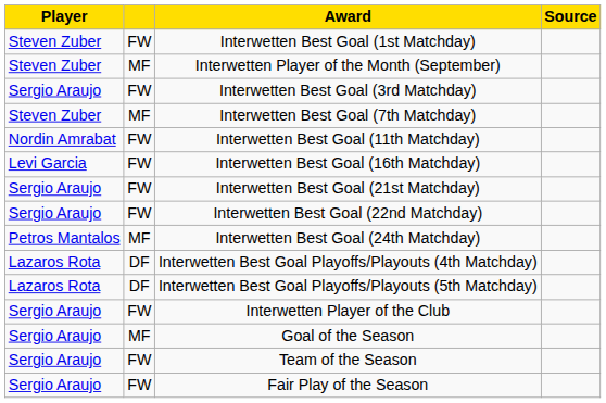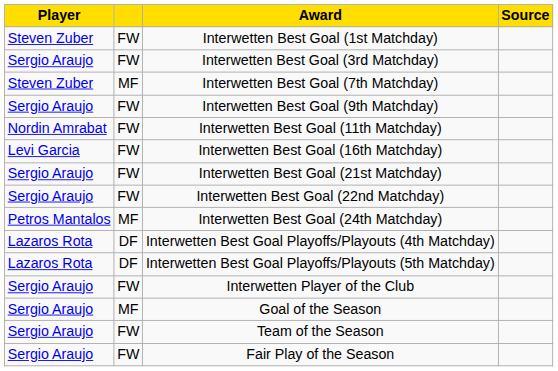 <table class="wikitable">
 <tr>
 <th style="background:#FFDE00">Player</th>
 <th style="background:#FFDE00"></th>
 <th style="background:#FFDE00">Award</th>
 <th style="background:#FFDE00">Source</th>
 </tr>
 <tr>
 <td> <a href='#'>Steven Zuber</a></td>
 <td align="center">FW</td>
 <td align="center">Interwetten Best Goal (1st Matchday)</td>
 <td align="center"></td>
 </tr>
 <tr>
-<td> <a href='#'>Steven Zuber</a></td>
-<td align="center">MF</td>
-<td align="center">Interwetten Player of the Month (September)</td>
-<td align="center"></td>
-</tr>
-<tr>
 <td> <a href='#'>Sergio Araujo</a></td>
 <td align="center">FW</td>
 <td align="center">Interwetten Best Goal (3rd Matchday)</td>
 <td align="center"></td>
 </tr>
 <tr>
 <td> <a href='#'>Steven Zuber</a></td>
 <td align="center">MF</td>
 <td align="center">Interwetten Best Goal (7th Matchday)</td>
+<td align="center"></td>
+</tr>
+<tr>
+<td> <a href='#'>Sergio Araujo</a></td>
+<td align="center">FW</td>
+<td align="center">Interwetten Best Goal (9th Matchday)</td>
 <td align="center"></td>
 </tr>
 <tr>
 <td> <a href='#'>Nordin Amrabat</a></td>
 <td align="center">FW</td>
 <td align="center">Interwetten Best Goal (11th Matchday)</td>
 <td align="center"></td>
 </tr>
 <tr>
 <td> <a href='#'>Levi Garcia</a></td>
 <td align="center">FW</td>
 <td align="center">Interwetten Best Goal (16th Matchday)</td>
 <td align="center"></td>
 </tr>
 <tr>
 <td> <a href='#'>Sergio Araujo</a></td>
 <td align="center">FW</td>
 <td align="center">Interwetten Best Goal (21st Matchday)</td>
 <td align="center"></td>
 </tr>
 <tr>
 <td> <a href='#'>Sergio Araujo</a></td>
 <td align="center">FW</td>
 <td align="center">Interwetten Best Goal (22nd Matchday)</td>
 <td align="center"></td>
 </tr>
 <tr>
 <td> <a href='#'>Petros Mantalos</a></td>
 <td align="center">MF</td>
 <td align="center">Interwetten Best Goal (24th Matchday)</td>
 <td align="center"></td>
 </tr>
 <tr>
 <td> <a href='#'>Lazaros Rota</a></td>
 <td align="center">DF</td>
 <td align="center">Interwetten Best Goal Playoffs/Playouts (4th Matchday)</td>
 <td align="center"></td>
 </tr>
 <tr>
 <td> <a href='#'>Lazaros Rota</a></td>
 <td align="center">DF</td>
 <td align="center">Interwetten Best Goal Playoffs/Playouts (5th Matchday)</td>
 <td align="center"></td>
 </tr>
 <tr>
 <td> <a href='#'>Sergio Araujo</a></td>
 <td align="center">FW</td>
 <td align="center">Interwetten Player of the Club</td>
 <td align="center"></td>
 </tr>
 <tr>
 <td> <a href='#'>Sergio Araujo</a></td>
 <td align="center">MF</td>
 <td align="center">Goal of the Season</td>
 <td align="center"></td>
 </tr>
 <tr>
 <td> <a href='#'>Sergio Araujo</a></td>
 <td align="center">FW</td>
 <td align="center">Team of the Season</td>
 <td align="center"></td>
 </tr>
 <tr>
 <td> <a href='#'>Sergio Araujo</a></td>
 <td align="center">FW</td>
 <td align="center">Fair Play of the Season</td>
 <td align="center"></td>
 </tr>
 </table>
